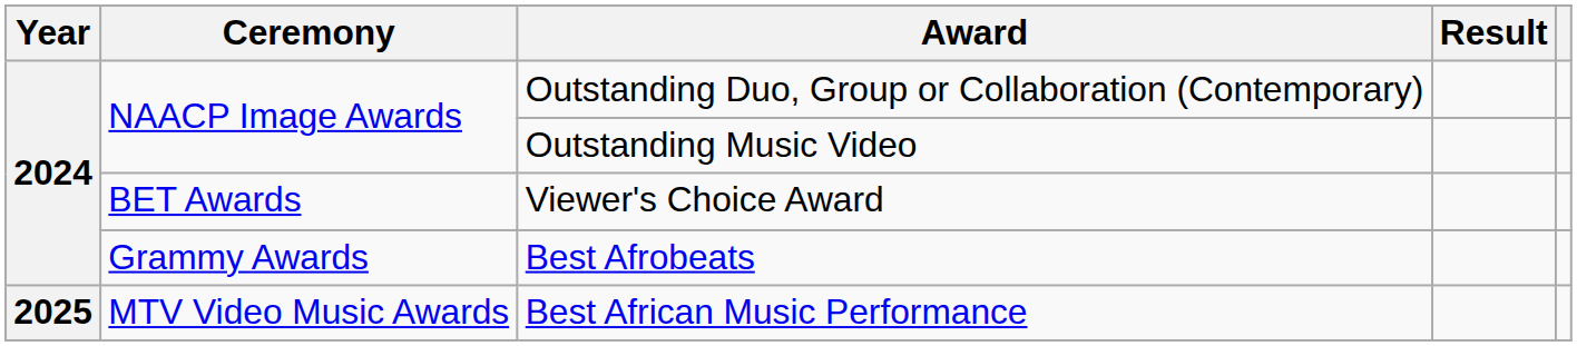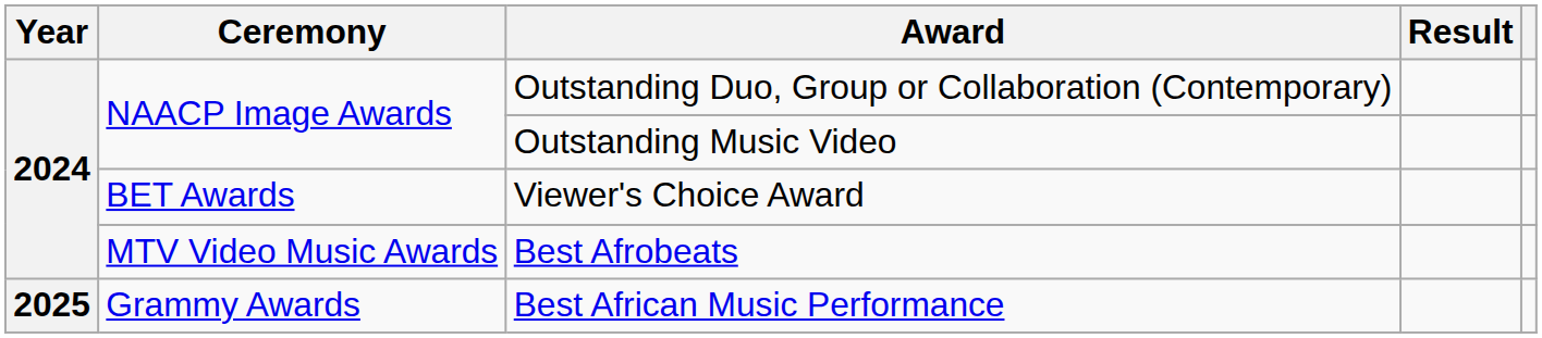 <table class="wikitable sortable plainrowheaders">
 <tr>
 <th scope="col">Year</th>
 <th scope="col">Ceremony</th>
 <th scope="col">Award</th>
 <th scope="col">Result</th>
 <th scope="col" class="unsortable"></th>
 </tr>
 <tr>
 <th scope="row" rowspan="4">2024</th>
 <td rowspan="2"><a href='#'>NAACP Image Awards</a></td>
 <td>Outstanding Duo, Group or Collaboration (Contemporary)</td>
 <td></td>
 <td></td>
 </tr>
 <tr>
 <td>Outstanding Music Video</td>
 <td></td>
 <td></td>
 </tr>
 <tr>
 <td rowspan="1"><a href='#'>BET Awards</a></td>
 <td>Viewer's Choice Award</td>
 <td></td>
 <td></td>
 </tr>
 <tr>
-<td><a href='#'>Grammy Awards</a></td>
+<td rowspan="1"><a href='#'>MTV Video Music Awards</a></td>
 <td><a href='#'>Best Afrobeats</a></td>
 <td></td>
 <td></td>
 </tr>
 <tr>
 <th scope="row" rowspan="2">2025</th>
-<td rowspan="1"><a href='#'>MTV Video Music Awards</a></td>
+<td><a href='#'>Grammy Awards</a></td>
 <td><a href='#'>Best African Music Performance</a></td>
 <td></td>
 <td></td>
 </tr>
 </table>
